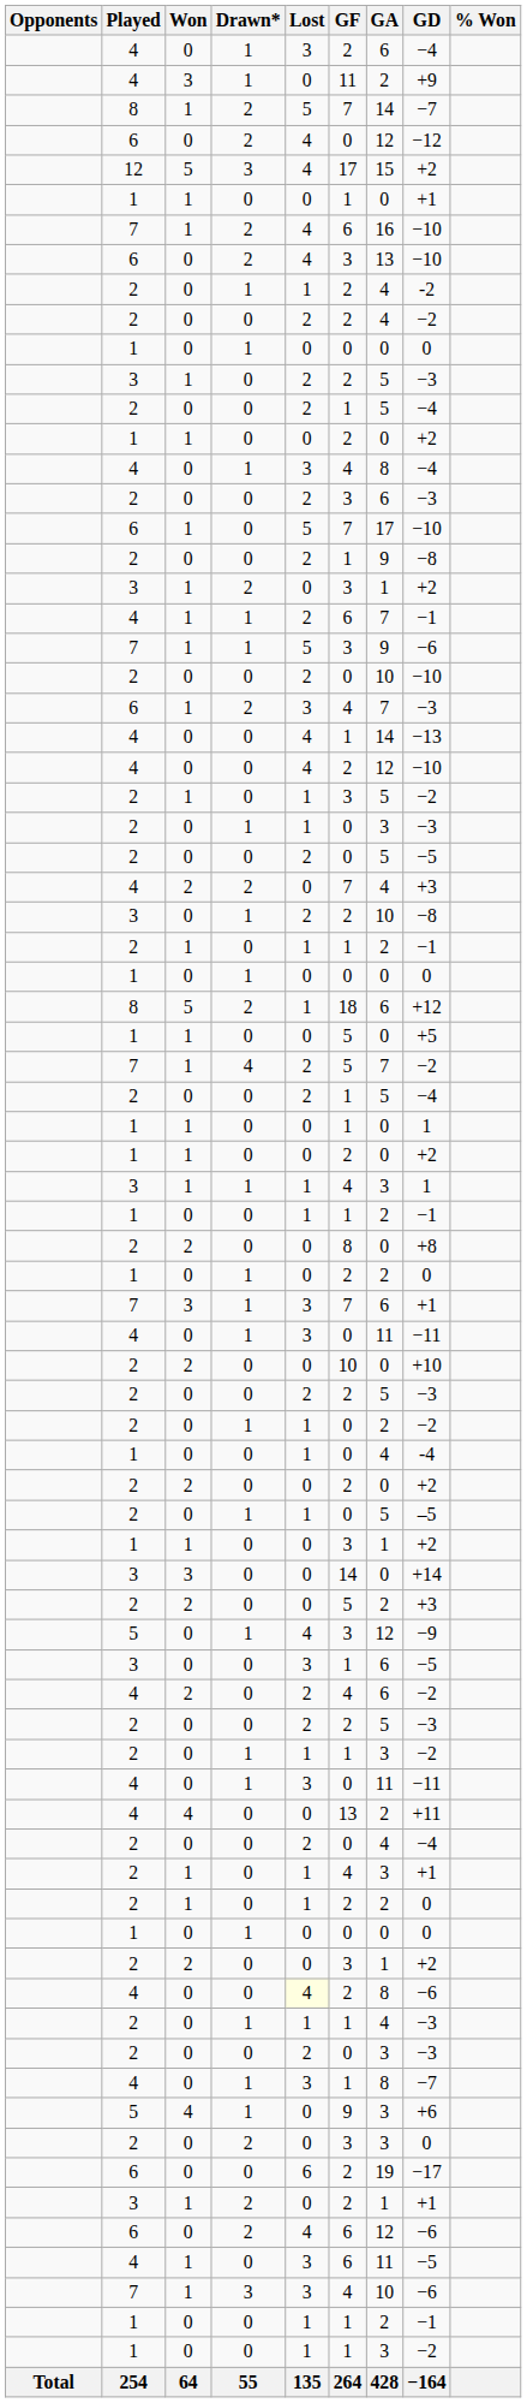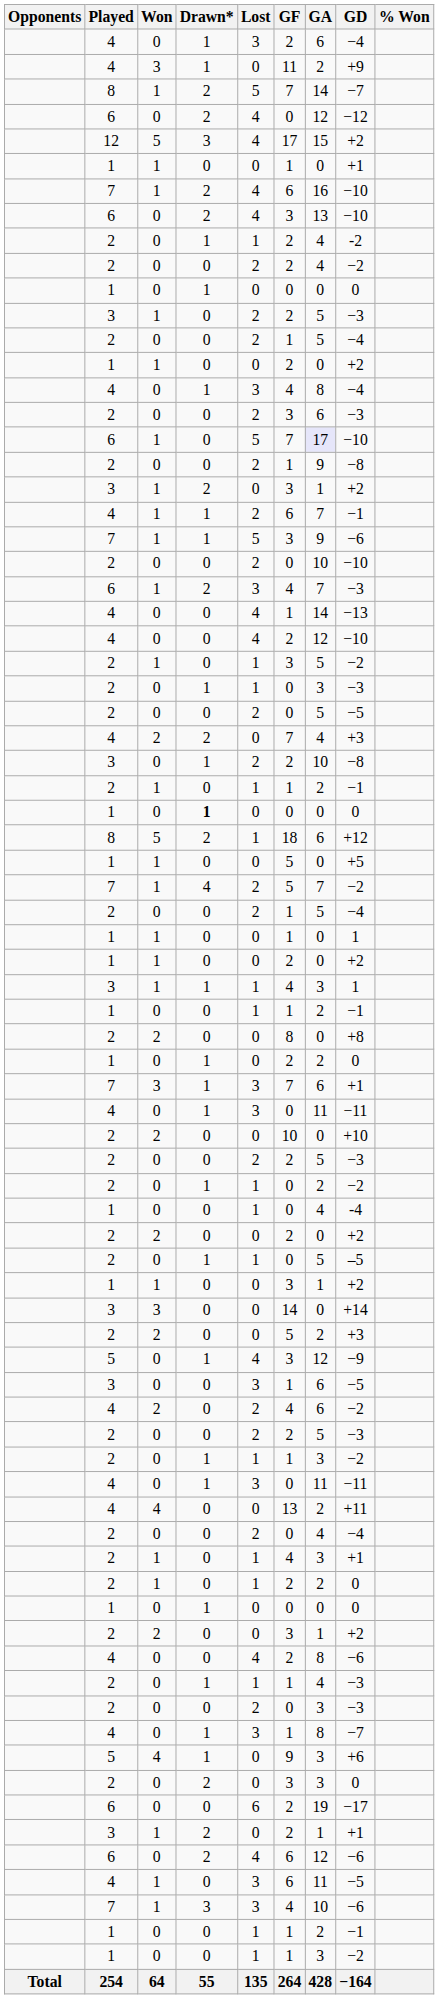 <table class="sortable wikitable" style="text-align:center">
 <tr>
 <th>Opponents</th>
 <th>Played</th>
 <th>Won</th>
 <th>Drawn*</th>
 <th>Lost</th>
 <th>GF</th>
 <th>GA</th>
 <th>GD</th>
 <th>% Won</th>
 </tr>
 <tr>
 <td style="text-align:left"></td>
 <td>4</td>
 <td>0</td>
 <td>1</td>
 <td>3</td>
 <td>2</td>
 <td>6</td>
 <td>−4</td>
 <td></td>
 </tr>
 <tr>
 <td style="text-align:left"></td>
 <td>4</td>
 <td>3</td>
 <td>1</td>
 <td>0</td>
 <td>11</td>
 <td>2</td>
 <td>+9</td>
 <td></td>
 </tr>
 <tr>
 <td style="text-align:left"></td>
 <td>8</td>
 <td>1</td>
 <td>2</td>
 <td>5</td>
 <td>7</td>
 <td>14</td>
 <td>−7</td>
 <td></td>
 </tr>
 <tr>
 <td style="text-align:left"></td>
 <td>6</td>
 <td>0</td>
 <td>2</td>
 <td>4</td>
 <td>0</td>
 <td>12</td>
 <td>−12</td>
 <td></td>
 </tr>
 <tr>
 <td style="text-align:left"></td>
 <td>12</td>
 <td>5</td>
 <td>3</td>
 <td>4</td>
 <td>17</td>
 <td>15</td>
 <td>+2</td>
 <td></td>
 </tr>
 <tr>
 <td style="text-align:left"></td>
 <td>1</td>
 <td>1</td>
 <td>0</td>
 <td>0</td>
 <td>1</td>
 <td>0</td>
 <td>+1</td>
 <td></td>
 </tr>
 <tr>
 <td style="text-align:left"></td>
 <td>7</td>
 <td>1</td>
 <td>2</td>
 <td>4</td>
 <td>6</td>
 <td>16</td>
 <td>−10</td>
 <td></td>
 </tr>
 <tr>
 <td style="text-align:left"></td>
 <td>6</td>
 <td>0</td>
 <td>2</td>
 <td>4</td>
 <td>3</td>
 <td>13</td>
 <td>−10</td>
 <td></td>
 </tr>
 <tr>
 <td style="text-align:left"></td>
 <td>2</td>
 <td>0</td>
 <td>1</td>
 <td>1</td>
 <td>2</td>
 <td>4</td>
 <td>-2</td>
 <td></td>
 </tr>
 <tr>
 <td style="text-align:left"></td>
 <td>2</td>
 <td>0</td>
 <td>0</td>
 <td>2</td>
 <td>2</td>
 <td>4</td>
 <td>−2</td>
 <td></td>
 </tr>
 <tr>
 <td style="text-align:left"></td>
 <td>1</td>
 <td>0</td>
 <td>1</td>
 <td>0</td>
 <td>0</td>
 <td>0</td>
 <td>0</td>
 <td></td>
 </tr>
 <tr>
 <td style="text-align:left"></td>
 <td>3</td>
 <td>1</td>
 <td>0</td>
 <td>2</td>
 <td>2</td>
 <td>5</td>
 <td>−3</td>
 <td></td>
 </tr>
 <tr>
 <td style="text-align:left"></td>
 <td>2</td>
 <td>0</td>
 <td>0</td>
 <td>2</td>
 <td>1</td>
 <td>5</td>
 <td>−4</td>
 <td></td>
 </tr>
 <tr>
 <td style="text-align:left"></td>
 <td>1</td>
 <td>1</td>
 <td>0</td>
 <td>0</td>
 <td>2</td>
 <td>0</td>
 <td>+2</td>
 <td></td>
 </tr>
 <tr>
 <td style="text-align:left"></td>
 <td>4</td>
 <td>0</td>
 <td>1</td>
 <td>3</td>
 <td>4</td>
 <td>8</td>
 <td>−4</td>
 <td></td>
 </tr>
 <tr>
 <td style="text-align:left"></td>
 <td>2</td>
 <td>0</td>
 <td>0</td>
 <td>2</td>
 <td>3</td>
 <td>6</td>
 <td>−3</td>
 <td></td>
 </tr>
 <tr>
 <td style="text-align:left"></td>
 <td>6</td>
 <td>1</td>
 <td>0</td>
 <td>5</td>
 <td>7</td>
-<td>17</td>
+<td style="background: lavender;">17</td>
 <td>−10</td>
 <td></td>
 </tr>
 <tr>
 <td style="text-align:left"></td>
 <td>2</td>
 <td>0</td>
 <td>0</td>
 <td>2</td>
 <td>1</td>
 <td>9</td>
 <td>−8</td>
 <td></td>
 </tr>
 <tr>
 <td style="text-align:left"></td>
 <td>3</td>
 <td>1</td>
 <td>2</td>
 <td>0</td>
 <td>3</td>
 <td>1</td>
 <td>+2</td>
 <td></td>
 </tr>
 <tr>
 <td style="text-align:left"></td>
 <td>4</td>
 <td>1</td>
 <td>1</td>
 <td>2</td>
 <td>6</td>
 <td>7</td>
 <td>−1</td>
 <td></td>
 </tr>
 <tr>
 <td style="text-align:left"></td>
 <td>7</td>
 <td>1</td>
 <td>1</td>
 <td>5</td>
 <td>3</td>
 <td>9</td>
 <td>−6</td>
 <td></td>
 </tr>
 <tr>
 <td style="text-align:left"></td>
 <td>2</td>
 <td>0</td>
 <td>0</td>
 <td>2</td>
 <td>0</td>
 <td>10</td>
 <td>−10</td>
 <td></td>
 </tr>
 <tr>
 <td style="text-align:left"></td>
 <td>6</td>
 <td>1</td>
 <td>2</td>
 <td>3</td>
 <td>4</td>
 <td>7</td>
 <td>−3</td>
 <td></td>
 </tr>
 <tr>
 <td style="text-align:left"></td>
 <td>4</td>
 <td>0</td>
 <td>0</td>
 <td>4</td>
 <td>1</td>
 <td>14</td>
 <td>−13</td>
 <td></td>
 </tr>
 <tr>
 <td style="text-align:left"></td>
 <td>4</td>
 <td>0</td>
 <td>0</td>
 <td>4</td>
 <td>2</td>
 <td>12</td>
 <td>−10</td>
 <td></td>
 </tr>
 <tr>
 <td style="text-align:left"></td>
 <td>2</td>
 <td>1</td>
 <td>0</td>
 <td>1</td>
 <td>3</td>
 <td>5</td>
 <td>−2</td>
 <td></td>
 </tr>
 <tr>
 <td style="text-align:left"></td>
 <td>2</td>
 <td>0</td>
 <td>1</td>
 <td>1</td>
 <td>0</td>
 <td>3</td>
 <td>−3</td>
 <td></td>
 </tr>
 <tr>
 <td style="text-align:left"></td>
 <td>2</td>
 <td>0</td>
 <td>0</td>
 <td>2</td>
 <td>0</td>
 <td>5</td>
 <td>−5</td>
 <td></td>
 </tr>
 <tr>
 <td style="text-align:left"></td>
 <td>4</td>
 <td>2</td>
 <td>2</td>
 <td>0</td>
 <td>7</td>
 <td>4</td>
 <td>+3</td>
 <td></td>
 </tr>
 <tr>
 <td style="text-align:left"></td>
 <td>3</td>
 <td>0</td>
 <td>1</td>
 <td>2</td>
 <td>2</td>
 <td>10</td>
 <td>−8</td>
 <td></td>
 </tr>
 <tr>
 <td style="text-align:left"></td>
 <td>2</td>
 <td>1</td>
 <td>0</td>
 <td>1</td>
 <td>1</td>
 <td>2</td>
 <td>−1</td>
 <td></td>
 </tr>
 <tr>
 <td style="text-align:left"></td>
 <td>1</td>
 <td>0</td>
-<td>1</td>
+<td><strong>1</strong></td>
 <td>0</td>
 <td>0</td>
 <td>0</td>
 <td>0</td>
 <td></td>
 </tr>
 <tr>
 <td style="text-align:left"></td>
 <td>8</td>
 <td>5</td>
 <td>2</td>
 <td>1</td>
 <td>18</td>
 <td>6</td>
 <td>+12</td>
 <td></td>
 </tr>
 <tr>
 <td style="text-align:left"></td>
 <td>1</td>
 <td>1</td>
 <td>0</td>
 <td>0</td>
 <td>5</td>
 <td>0</td>
 <td>+5</td>
 <td></td>
 </tr>
 <tr>
 <td style="text-align:left"></td>
 <td>7</td>
 <td>1</td>
 <td>4</td>
 <td>2</td>
 <td>5</td>
 <td>7</td>
 <td>−2</td>
 <td></td>
 </tr>
 <tr>
 <td style="text-align:left"></td>
 <td>2</td>
 <td>0</td>
 <td>0</td>
 <td>2</td>
 <td>1</td>
 <td>5</td>
 <td>−4</td>
 <td></td>
 </tr>
 <tr>
 <td style="text-align:left"></td>
 <td>1</td>
 <td>1</td>
 <td>0</td>
 <td>0</td>
 <td>1</td>
 <td>0</td>
 <td>1</td>
 <td></td>
 </tr>
 <tr>
 <td style="text-align:left"></td>
 <td>1</td>
 <td>1</td>
 <td>0</td>
 <td>0</td>
 <td>2</td>
 <td>0</td>
 <td>+2</td>
 <td></td>
 </tr>
 <tr>
 <td style="text-align:left"></td>
 <td>3</td>
 <td>1</td>
 <td>1</td>
 <td>1</td>
 <td>4</td>
 <td>3</td>
 <td>1</td>
 <td></td>
 </tr>
 <tr>
 <td style="text-align:left"></td>
 <td>1</td>
 <td>0</td>
 <td>0</td>
 <td>1</td>
 <td>1</td>
 <td>2</td>
 <td>−1</td>
 <td></td>
 </tr>
 <tr>
 <td style="text-align:left"></td>
 <td>2</td>
 <td>2</td>
 <td>0</td>
 <td>0</td>
 <td>8</td>
 <td>0</td>
 <td>+8</td>
 <td></td>
 </tr>
 <tr>
 <td style="text-align:left"></td>
 <td>1</td>
 <td>0</td>
 <td>1</td>
 <td>0</td>
 <td>2</td>
 <td>2</td>
 <td>0</td>
 <td></td>
 </tr>
 <tr>
 <td style="text-align:left"></td>
 <td>7</td>
 <td>3</td>
 <td>1</td>
 <td>3</td>
 <td>7</td>
 <td>6</td>
 <td>+1</td>
 <td></td>
 </tr>
 <tr>
 <td style="text-align:left"></td>
 <td>4</td>
 <td>0</td>
 <td>1</td>
 <td>3</td>
 <td>0</td>
 <td>11</td>
 <td>−11</td>
 <td></td>
 </tr>
 <tr>
 <td style="text-align:left"></td>
 <td>2</td>
 <td>2</td>
 <td>0</td>
 <td>0</td>
 <td>10</td>
 <td>0</td>
 <td>+10</td>
 <td></td>
 </tr>
 <tr>
 <td style="text-align:left"></td>
 <td>2</td>
 <td>0</td>
 <td>0</td>
 <td>2</td>
 <td>2</td>
 <td>5</td>
 <td>−3</td>
 <td></td>
 </tr>
 <tr>
 <td style="text-align:left"></td>
 <td>2</td>
 <td>0</td>
 <td>1</td>
 <td>1</td>
 <td>0</td>
 <td>2</td>
 <td>−2</td>
 <td></td>
 </tr>
 <tr>
 <td style="text-align:left"></td>
 <td>1</td>
 <td>0</td>
 <td>0</td>
 <td>1</td>
 <td>0</td>
 <td>4</td>
 <td>-4</td>
 <td></td>
 </tr>
 <tr>
 <td style="text-align:left"></td>
 <td>2</td>
 <td>2</td>
 <td>0</td>
 <td>0</td>
 <td>2</td>
 <td>0</td>
 <td>+2</td>
 <td></td>
 </tr>
 <tr>
 <td style="text-align:left"></td>
 <td>2</td>
 <td>0</td>
 <td>1</td>
 <td>1</td>
 <td>0</td>
 <td>5</td>
 <td>–5</td>
 <td></td>
 </tr>
 <tr>
 <td style="text-align:left"></td>
 <td>1</td>
 <td>1</td>
 <td>0</td>
 <td>0</td>
 <td>3</td>
 <td>1</td>
 <td>+2</td>
 <td></td>
 </tr>
 <tr>
 <td style="text-align:left"></td>
 <td>3</td>
 <td>3</td>
 <td>0</td>
 <td>0</td>
 <td>14</td>
 <td>0</td>
 <td>+14</td>
 <td></td>
 </tr>
 <tr>
 <td style="text-align:left"></td>
 <td>2</td>
 <td>2</td>
 <td>0</td>
 <td>0</td>
 <td>5</td>
 <td>2</td>
 <td>+3</td>
 <td></td>
 </tr>
 <tr>
 <td style="text-align:left"></td>
 <td>5</td>
 <td>0</td>
 <td>1</td>
 <td>4</td>
 <td>3</td>
 <td>12</td>
 <td>−9</td>
 <td></td>
 </tr>
 <tr>
 <td style="text-align:left"></td>
 <td>3</td>
 <td>0</td>
 <td>0</td>
 <td>3</td>
 <td>1</td>
 <td>6</td>
 <td>−5</td>
 <td></td>
 </tr>
 <tr>
 <td style="text-align:left"></td>
 <td>4</td>
 <td>2</td>
 <td>0</td>
 <td>2</td>
 <td>4</td>
 <td>6</td>
 <td>−2</td>
 <td></td>
 </tr>
 <tr>
 <td style="text-align:left"></td>
 <td>2</td>
 <td>0</td>
 <td>0</td>
 <td>2</td>
 <td>2</td>
 <td>5</td>
 <td>−3</td>
 <td></td>
 </tr>
 <tr>
 <td style="text-align:left"></td>
 <td>2</td>
 <td>0</td>
 <td>1</td>
 <td>1</td>
 <td>1</td>
 <td>3</td>
 <td>−2</td>
 <td></td>
 </tr>
 <tr>
 <td style="text-align:left"></td>
 <td>4</td>
 <td>0</td>
 <td>1</td>
 <td>3</td>
 <td>0</td>
 <td>11</td>
 <td>−11</td>
 <td></td>
 </tr>
 <tr>
 <td style="text-align:left"></td>
 <td>4</td>
 <td>4</td>
 <td>0</td>
 <td>0</td>
 <td>13</td>
 <td>2</td>
 <td>+11</td>
 <td></td>
 </tr>
 <tr>
 <td style="text-align:left"></td>
 <td>2</td>
 <td>0</td>
 <td>0</td>
 <td>2</td>
 <td>0</td>
 <td>4</td>
 <td>−4</td>
 <td></td>
 </tr>
 <tr>
 <td style="text-align:left"></td>
 <td>2</td>
 <td>1</td>
 <td>0</td>
 <td>1</td>
 <td>4</td>
 <td>3</td>
 <td>+1</td>
 <td></td>
 </tr>
 <tr>
 <td style="text-align:left"></td>
 <td>2</td>
 <td>1</td>
 <td>0</td>
 <td>1</td>
 <td>2</td>
 <td>2</td>
 <td>0</td>
 <td></td>
 </tr>
 <tr>
 <td style="text-align:left"></td>
 <td>1</td>
 <td>0</td>
 <td>1</td>
 <td>0</td>
 <td>0</td>
 <td>0</td>
 <td>0</td>
 <td></td>
 </tr>
 <tr>
 <td style="text-align:left"></td>
 <td>2</td>
 <td>2</td>
 <td>0</td>
 <td>0</td>
 <td>3</td>
 <td>1</td>
 <td>+2</td>
 <td></td>
 </tr>
 <tr>
 <td style="text-align:left"></td>
 <td>4</td>
 <td>0</td>
 <td>0</td>
-<td style="background: lightyellow;">4</td>
+<td>4</td>
 <td>2</td>
 <td>8</td>
 <td>−6</td>
 <td></td>
 </tr>
 <tr>
 <td style="text-align:left"></td>
 <td>2</td>
 <td>0</td>
 <td>1</td>
 <td>1</td>
 <td>1</td>
 <td>4</td>
 <td>−3</td>
 <td></td>
 </tr>
 <tr>
 <td style="text-align:left"></td>
 <td>2</td>
 <td>0</td>
 <td>0</td>
 <td>2</td>
 <td>0</td>
 <td>3</td>
 <td>−3</td>
 <td></td>
 </tr>
 <tr>
 <td style="text-align:left"></td>
 <td>4</td>
 <td>0</td>
 <td>1</td>
 <td>3</td>
 <td>1</td>
 <td>8</td>
 <td>−7</td>
 <td></td>
 </tr>
 <tr>
 <td style="text-align:left"></td>
 <td>5</td>
 <td>4</td>
 <td>1</td>
 <td>0</td>
 <td>9</td>
 <td>3</td>
 <td>+6</td>
 <td></td>
 </tr>
 <tr>
 <td style="text-align:left"></td>
 <td>2</td>
 <td>0</td>
 <td>2</td>
 <td>0</td>
 <td>3</td>
 <td>3</td>
 <td>0</td>
 <td></td>
 </tr>
 <tr>
 <td style="text-align:left"></td>
 <td>6</td>
 <td>0</td>
 <td>0</td>
 <td>6</td>
 <td>2</td>
 <td>19</td>
 <td>−17</td>
 <td></td>
 </tr>
 <tr>
 <td style="text-align:left"></td>
 <td>3</td>
 <td>1</td>
 <td>2</td>
 <td>0</td>
 <td>2</td>
 <td>1</td>
 <td>+1</td>
 <td></td>
 </tr>
 <tr>
 <td style="text-align:left"></td>
 <td>6</td>
 <td>0</td>
 <td>2</td>
 <td>4</td>
 <td>6</td>
 <td>12</td>
 <td>−6</td>
 <td></td>
 </tr>
 <tr>
 <td style="text-align:left"></td>
 <td>4</td>
 <td>1</td>
 <td>0</td>
 <td>3</td>
 <td>6</td>
 <td>11</td>
 <td>−5</td>
 <td></td>
 </tr>
 <tr>
 <td style="text-align:left"></td>
 <td>7</td>
 <td>1</td>
 <td>3</td>
 <td>3</td>
 <td>4</td>
 <td>10</td>
 <td>−6</td>
 <td></td>
 </tr>
 <tr>
 <td style="text-align:left"></td>
 <td>1</td>
 <td>0</td>
 <td>0</td>
 <td>1</td>
 <td>1</td>
 <td>2</td>
 <td>−1</td>
 <td></td>
 </tr>
 <tr>
 <td style="text-align:left"></td>
 <td>1</td>
 <td>0</td>
 <td>0</td>
 <td>1</td>
 <td>1</td>
 <td>3</td>
 <td>−2</td>
 <td></td>
 </tr>
 <tr class="sortbottom">
 <th>Total</th>
 <th>254</th>
 <th>64</th>
 <th>55</th>
 <th>135</th>
 <th>264</th>
 <th>428</th>
 <th>−164</th>
 <th></th>
 </tr>
 </table>
